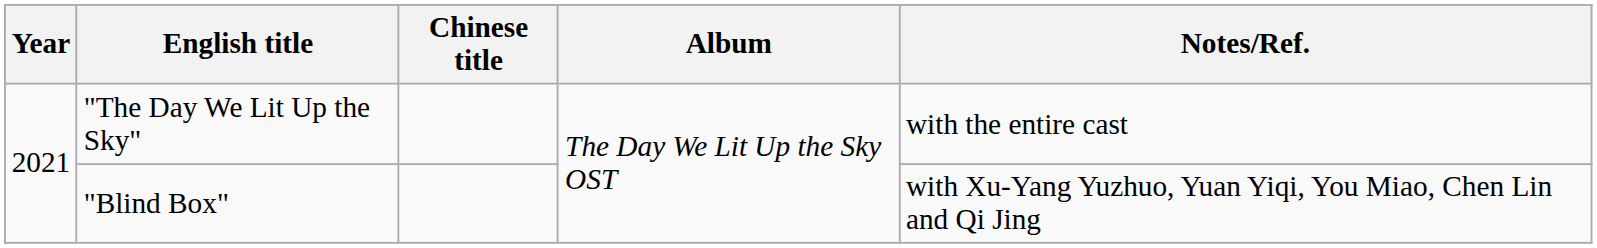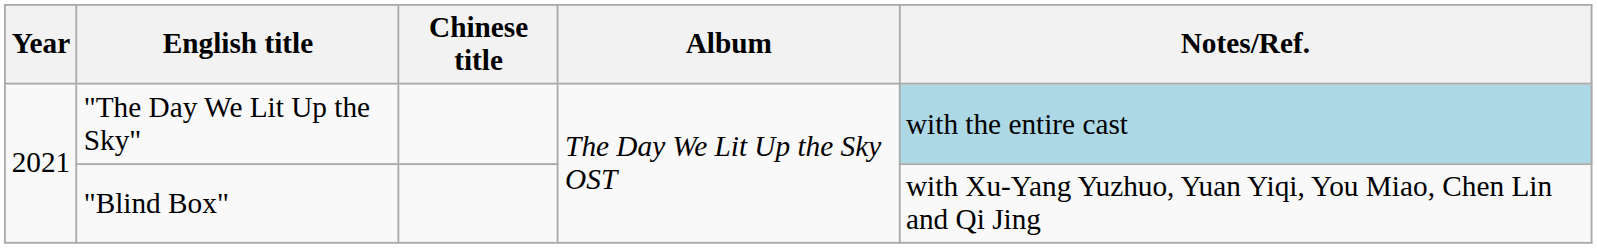 <table class="wikitable sortable">
 <tr>
 <th>Year</th>
 <th>English title</th>
 <th>Chinese title</th>
 <th>Album</th>
 <th class="unsortable">Notes/Ref.</th>
 </tr>
 <tr>
 <td rowspan="2">2021</td>
 <td>"The Day We Lit Up the Sky"</td>
 <td></td>
 <td rowspan="2"><em>The Day We Lit Up the Sky OST</em></td>
-<td>with the entire cast</td>
+<td style="background: lightblue;">with the entire cast</td>
 </tr>
 <tr>
 <td>"Blind Box"</td>
 <td></td>
 <td>with Xu-Yang Yuzhuo, Yuan Yiqi, You Miao, Chen Lin and Qi Jing</td>
 </tr>
 </table>
